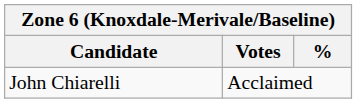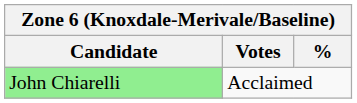 <table class="wikitable">
 <tr>
 <th colspan="3">Zone 6 (Knoxdale-Merivale/Baseline)</th>
 </tr>
 <tr>
 <th style="width: 170px">Candidate</th>
 <th style="width: 50px">Votes</th>
 <th style="width: 40px">%</th>
 </tr>
 <tr>
-<td>John Chiarelli</td>
+<td style="background: lightgreen;">John Chiarelli</td>
 <td colspan="2">Acclaimed</td>
 </tr>
 </table>
